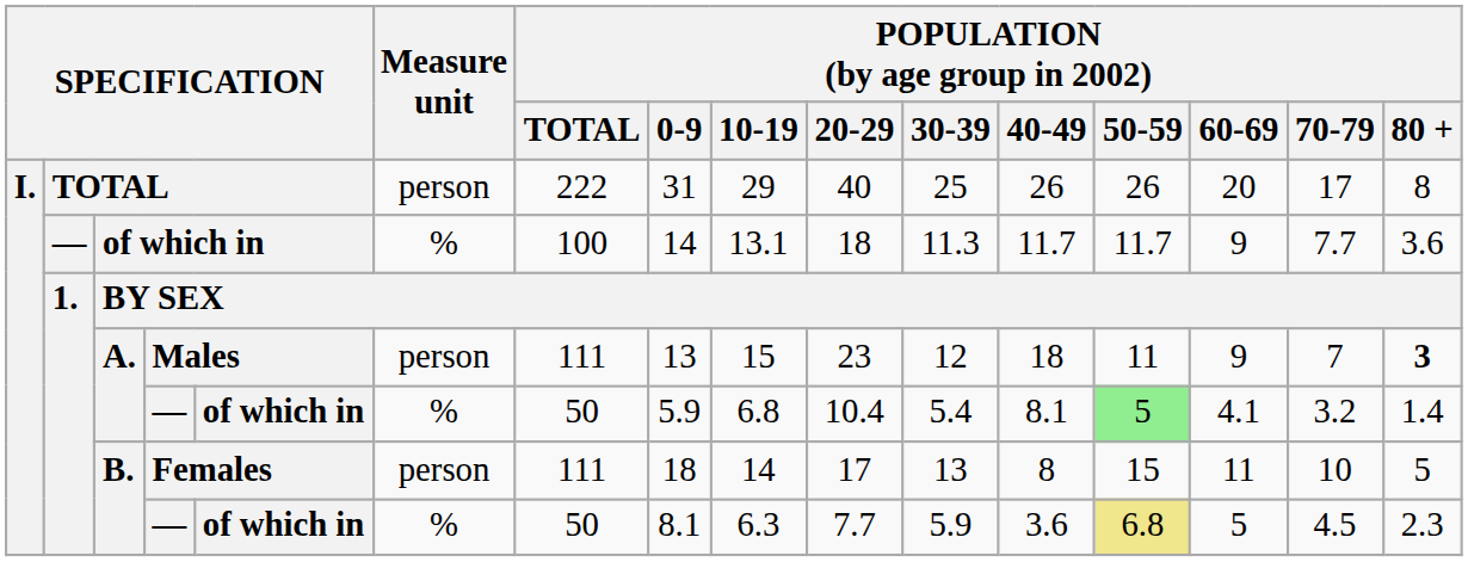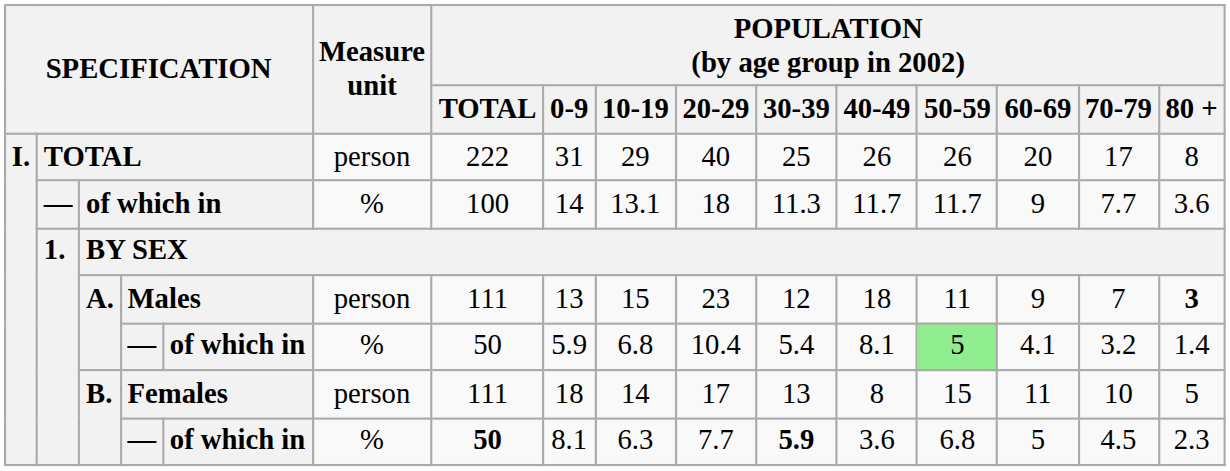 <table class="wikitable" style="font-size:85%; text-align:center">
 <tr>
 <th rowspan="2" colspan="5">SPECIFICATION</th>
 <th rowspan="2">Measure<br> unit</th>
 <th colspan="10" rowspan="1">POPULATION<br> (by age group in 2002)</th>
 </tr>
 <tr>
 <th>TOTAL</th>
 <th>0-9</th>
 <th>10-19</th>
 <th>20-29</th>
 <th>30-39</th>
 <th>40-49</th>
 <th>50-59</th>
 <th>60-69</th>
 <th>70-79</th>
 <th>80 +</th>
 </tr>
 <tr>
 <th style="text-align:left" valign="top" rowspan="7">I.</th>
 <th style="text-align:left" colspan="4">TOTAL</th>
 <td>person</td>
 <td>222</td>
 <td>31</td>
 <td>29</td>
 <td>40</td>
 <td>25</td>
 <td>26</td>
 <td>26</td>
 <td>20</td>
 <td>17</td>
 <td>8</td>
 </tr>
 <tr>
 <th style="text-align:left" valign="top">—</th>
 <th style="text-align:left" colspan="3">of which in</th>
 <td>%</td>
 <td>100</td>
 <td>14</td>
 <td>13.1</td>
 <td>18</td>
 <td>11.3</td>
 <td>11.7</td>
 <td>11.7</td>
 <td>9</td>
 <td>7.7</td>
 <td>3.6</td>
 </tr>
 <tr>
 <th style="text-align:left" valign="top" rowspan="5">1.</th>
 <th style="text-align:left" colspan="14">BY SEX</th>
 </tr>
 <tr>
 <th style="text-align:left" valign="top" rowspan="2">A.</th>
 <th style="text-align:left" colspan="2">Males</th>
 <td>person</td>
 <td>111</td>
 <td>13</td>
 <td>15</td>
 <td>23</td>
 <td>12</td>
 <td>18</td>
 <td>11</td>
 <td>9</td>
 <td>7</td>
 <td><strong>3</strong></td>
 </tr>
 <tr>
 <th style="text-align:left" valign="top">—</th>
 <th style="text-align:left" colspan="1">of which in</th>
 <td>%</td>
 <td>50</td>
 <td>5.9</td>
 <td>6.8</td>
 <td>10.4</td>
 <td>5.4</td>
 <td>8.1</td>
 <td style="background: lightgreen;">5</td>
 <td>4.1</td>
 <td>3.2</td>
 <td>1.4</td>
 </tr>
 <tr>
 <th style="text-align:left" valign="top" rowspan="2">B.</th>
 <th style="text-align:left" colspan="2">Females</th>
 <td>person</td>
 <td>111</td>
 <td>18</td>
 <td>14</td>
 <td>17</td>
 <td>13</td>
 <td>8</td>
 <td>15</td>
 <td>11</td>
 <td>10</td>
 <td>5</td>
 </tr>
 <tr>
 <th style="text-align:left" valign="top">—</th>
 <th style="text-align:left" colspan="1">of which in</th>
 <td>%</td>
-<td>50</td>
+<td><strong>50</strong></td>
 <td>8.1</td>
 <td>6.3</td>
 <td>7.7</td>
-<td>5.9</td>
+<td><strong>5.9</strong></td>
 <td>3.6</td>
-<td style="background: khaki;">6.8</td>
+<td>6.8</td>
 <td>5</td>
 <td>4.5</td>
 <td>2.3</td>
 </tr>
 </table>
